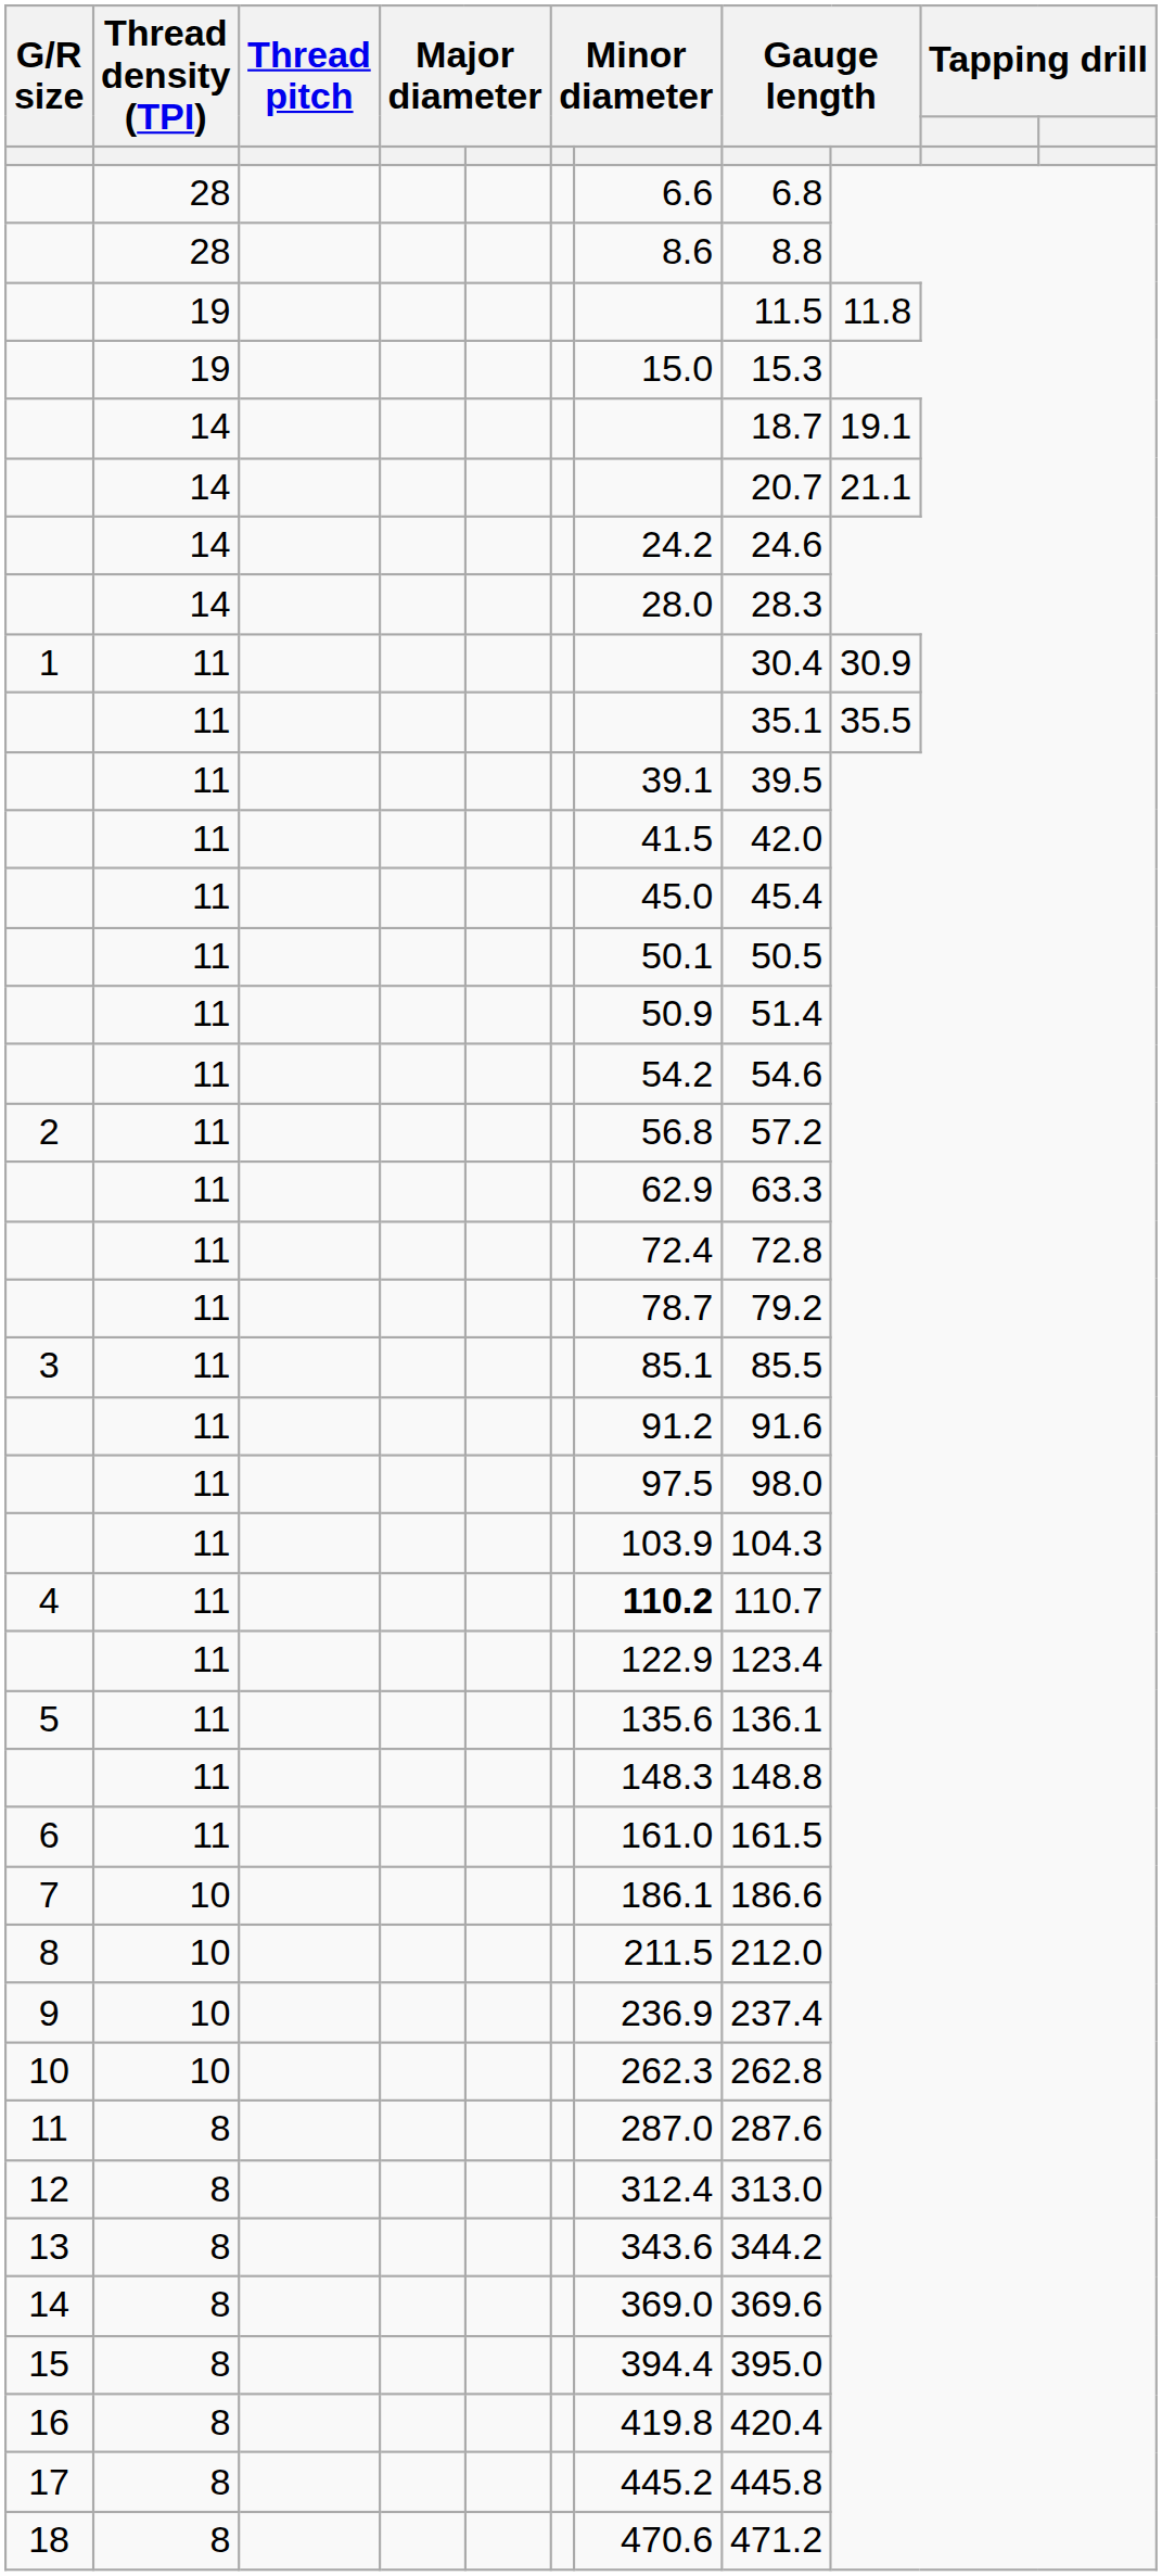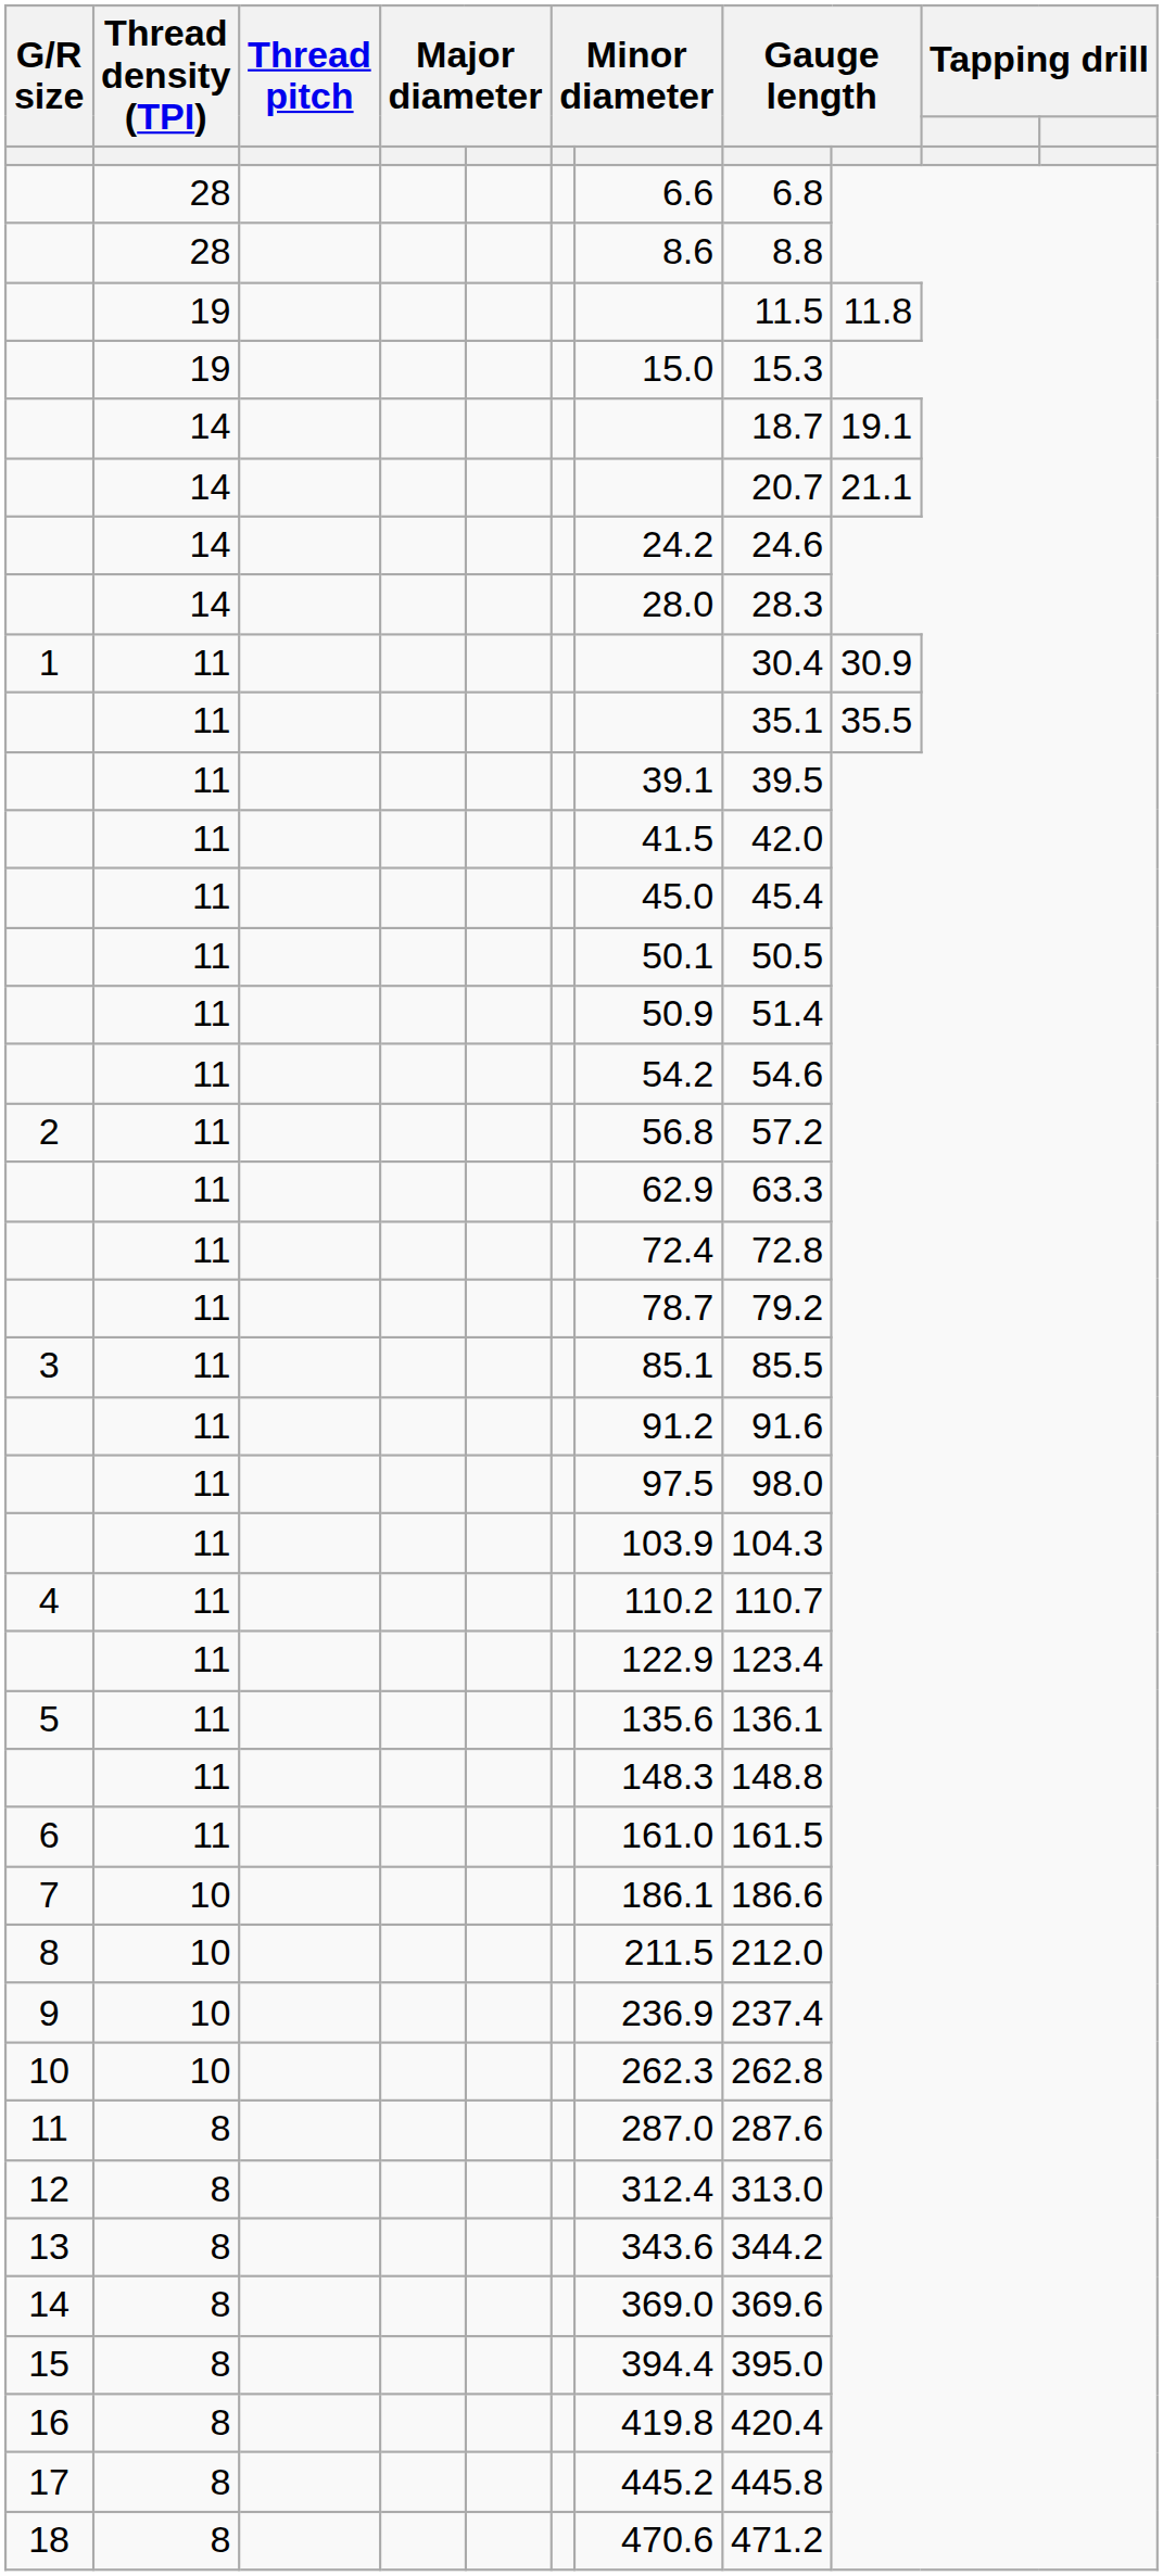 <table class=wikitable>
 <tr>
 <th rowspan=2>G/R<br>size</th>
 <th rowspan=2>Thread<br>density<br>(<a href='#'>TPI</a>)</th>
 <th rowspan=2><a href='#'>Thread<br>pitch</a></th>
 <th rowspan=2  colspan=2>Major<br>diameter</th>
 <th rowspan=2  colspan=2>Minor<br>diameter</th>
 <th rowspan=2  colspan=2>Gauge<br>length</th>
 <th colspan=2>Tapping drill</th>
 </tr>
 <tr>
 <th scope="col"></th>
 <th scope="col"></th>
 </tr>
 <tr>
 <th scope="col"></th>
 <th scope="col"></th>
 <th scope="col"></th>
 <th scope="col"></th>
 <th scope="col"></th>
 <th scope="col"></th>
 <th scope="col"></th>
 <th scope="col"></th>
 <th scope="col"></th>
 <th scope="col"></th>
 <th scope="col"></th>
 </tr>
 <tr align="right">
 <td align="center"></td>
 <td>28</td>
 <td></td>
 <td></td>
 <td></td>
 <td></td>
 <td>6.6</td>
 <td>6.8</td>
 </tr>
 <tr align="right">
 <td align="center"></td>
 <td>28</td>
 <td></td>
 <td></td>
 <td></td>
 <td></td>
 <td>8.6</td>
 <td>8.8</td>
 </tr>
 <tr align="right">
 <td align="center"></td>
 <td>19</td>
 <td></td>
 <td></td>
 <td></td>
 <td></td>
 <td></td>
 <td>11.5</td>
 <td>11.8</td>
 </tr>
 <tr align="right">
 <td align="center"></td>
 <td>19</td>
 <td></td>
 <td></td>
 <td></td>
 <td></td>
 <td>15.0</td>
 <td>15.3</td>
 </tr>
 <tr align="right">
 <td align="center"></td>
 <td>14</td>
 <td></td>
 <td></td>
 <td></td>
 <td></td>
 <td></td>
 <td>18.7</td>
 <td>19.1</td>
 </tr>
 <tr align="right">
 <td align="center"></td>
 <td>14</td>
 <td></td>
 <td></td>
 <td></td>
 <td></td>
 <td></td>
 <td>20.7</td>
 <td>21.1</td>
 </tr>
 <tr align="right">
 <td align="center"></td>
 <td>14</td>
 <td></td>
 <td></td>
 <td></td>
 <td></td>
 <td>24.2</td>
 <td>24.6</td>
 </tr>
 <tr align="right">
 <td align="center"></td>
 <td>14</td>
 <td></td>
 <td></td>
 <td></td>
 <td></td>
 <td>28.0</td>
 <td>28.3</td>
 </tr>
 <tr align="right">
 <td align="center">1</td>
 <td>11</td>
 <td></td>
 <td></td>
 <td></td>
 <td></td>
 <td></td>
 <td>30.4</td>
 <td>30.9</td>
 </tr>
 <tr align="right">
 <td align="center"></td>
 <td>11</td>
 <td></td>
 <td></td>
 <td></td>
 <td></td>
 <td></td>
 <td>35.1</td>
 <td>35.5</td>
 </tr>
 <tr align="right">
 <td align="center"></td>
 <td>11</td>
 <td></td>
 <td></td>
 <td></td>
 <td></td>
 <td>39.1</td>
 <td>39.5</td>
 </tr>
 <tr align="right">
 <td align="center"></td>
 <td>11</td>
 <td></td>
 <td></td>
 <td></td>
 <td></td>
 <td>41.5</td>
 <td>42.0</td>
 </tr>
 <tr align="right">
 <td align="center"></td>
 <td>11</td>
 <td></td>
 <td></td>
 <td></td>
 <td></td>
 <td>45.0</td>
 <td>45.4</td>
 </tr>
 <tr align="right">
 <td align="center"></td>
 <td>11</td>
 <td></td>
 <td></td>
 <td></td>
 <td></td>
 <td>50.1</td>
 <td>50.5</td>
 </tr>
 <tr align="right">
 <td align="center"></td>
 <td>11</td>
 <td></td>
 <td></td>
 <td></td>
 <td></td>
 <td>50.9</td>
 <td>51.4</td>
 </tr>
 <tr align="right">
 <td align="center"></td>
 <td>11</td>
 <td></td>
 <td></td>
 <td></td>
 <td></td>
 <td>54.2</td>
 <td>54.6</td>
 </tr>
 <tr align="right">
 <td align="center">2</td>
 <td>11</td>
 <td></td>
 <td></td>
 <td></td>
 <td></td>
 <td>56.8</td>
 <td>57.2</td>
 </tr>
 <tr align="right">
 <td align="center"></td>
 <td>11</td>
 <td></td>
 <td></td>
 <td></td>
 <td></td>
 <td>62.9</td>
 <td>63.3</td>
 </tr>
 <tr align="right">
 <td align="center"></td>
 <td>11</td>
 <td></td>
 <td></td>
 <td></td>
 <td></td>
 <td>72.4</td>
 <td>72.8</td>
 </tr>
 <tr align="right">
 <td align="center"></td>
 <td>11</td>
 <td></td>
 <td></td>
 <td></td>
 <td></td>
 <td>78.7</td>
 <td>79.2</td>
 </tr>
 <tr align="right">
 <td align="center">3</td>
 <td>11</td>
 <td></td>
 <td></td>
 <td></td>
 <td></td>
 <td>85.1</td>
 <td>85.5</td>
 </tr>
 <tr align="right">
 <td align="center"></td>
 <td>11</td>
 <td></td>
 <td></td>
 <td></td>
 <td></td>
 <td>91.2</td>
 <td>91.6</td>
 </tr>
 <tr align="right">
 <td align="center"></td>
 <td>11</td>
 <td></td>
 <td></td>
 <td></td>
 <td></td>
 <td>97.5</td>
 <td>98.0</td>
 </tr>
 <tr align="right">
 <td align="center"></td>
 <td>11</td>
 <td></td>
 <td></td>
 <td></td>
 <td></td>
 <td>103.9</td>
 <td>104.3</td>
 </tr>
 <tr align="right">
 <td align="center">4</td>
 <td>11</td>
 <td></td>
 <td></td>
 <td></td>
 <td></td>
-<td><strong>110.2</strong></td>
+<td>110.2</td>
 <td>110.7</td>
 </tr>
 <tr align="right">
 <td align="center"></td>
 <td>11</td>
 <td></td>
 <td></td>
 <td></td>
 <td></td>
 <td>122.9</td>
 <td>123.4</td>
 </tr>
 <tr align="right">
 <td align="center">5</td>
 <td>11</td>
 <td></td>
 <td></td>
 <td></td>
 <td></td>
 <td>135.6</td>
 <td>136.1</td>
 </tr>
 <tr align="right">
 <td align="center"></td>
 <td>11</td>
 <td></td>
 <td></td>
 <td></td>
 <td></td>
 <td>148.3</td>
 <td>148.8</td>
 </tr>
 <tr align="right">
 <td align="center">6</td>
 <td>11</td>
 <td></td>
 <td></td>
 <td></td>
 <td></td>
 <td>161.0</td>
 <td>161.5</td>
 </tr>
 <tr align="right">
 <td align="center">7</td>
 <td>10</td>
 <td></td>
 <td></td>
 <td></td>
 <td></td>
 <td>186.1</td>
 <td>186.6</td>
 </tr>
 <tr align="right">
 <td align="center">8</td>
 <td>10</td>
 <td></td>
 <td></td>
 <td></td>
 <td></td>
 <td>211.5</td>
 <td>212.0</td>
 </tr>
 <tr align="right">
 <td align="center">9</td>
 <td>10</td>
 <td></td>
 <td></td>
 <td></td>
 <td></td>
 <td>236.9</td>
 <td>237.4</td>
 </tr>
 <tr align="right">
 <td align="center">10</td>
 <td>10</td>
 <td></td>
 <td></td>
 <td></td>
 <td></td>
 <td>262.3</td>
 <td>262.8</td>
 </tr>
 <tr align="right">
 <td align="center">11</td>
 <td>8</td>
 <td></td>
 <td></td>
 <td></td>
 <td></td>
 <td>287.0</td>
 <td>287.6</td>
 </tr>
 <tr align="right">
 <td align="center">12</td>
 <td>8</td>
 <td></td>
 <td></td>
 <td></td>
 <td></td>
 <td>312.4</td>
 <td>313.0</td>
 </tr>
 <tr align="right">
 <td align="center">13</td>
 <td>8</td>
 <td></td>
 <td></td>
 <td></td>
 <td></td>
 <td>343.6</td>
 <td>344.2</td>
 </tr>
 <tr align="right">
 <td align="center">14</td>
 <td>8</td>
 <td></td>
 <td></td>
 <td></td>
 <td></td>
 <td>369.0</td>
 <td>369.6</td>
 </tr>
 <tr align="right">
 <td align="center">15</td>
 <td>8</td>
 <td></td>
 <td></td>
 <td></td>
 <td></td>
 <td>394.4</td>
 <td>395.0</td>
 </tr>
 <tr align="right">
 <td align="center">16</td>
 <td>8</td>
 <td></td>
 <td></td>
 <td></td>
 <td></td>
 <td>419.8</td>
 <td>420.4</td>
 </tr>
 <tr align="right">
 <td align="center">17</td>
 <td>8</td>
 <td></td>
 <td></td>
 <td></td>
 <td></td>
 <td>445.2</td>
 <td>445.8</td>
 </tr>
 <tr align="right">
 <td align="center">18</td>
 <td>8</td>
 <td></td>
 <td></td>
 <td></td>
 <td></td>
 <td>470.6</td>
 <td>471.2</td>
 </tr>
 </table>
